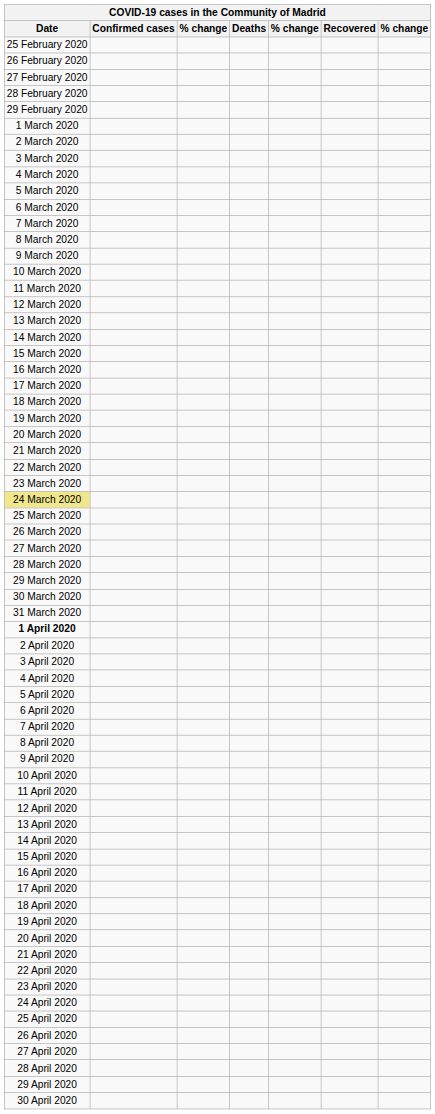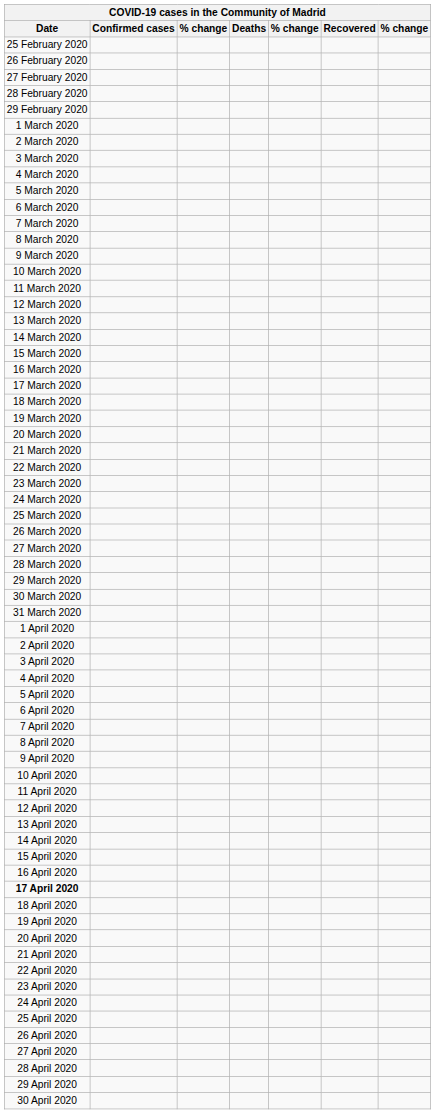 <table class="wikitable mw-collapsible">
 <tr>
 <th colspan="7" style="text-align:center">COVID-19 cases in the Community of Madrid</th>
 </tr>
 <tr>
 <th>Date</th>
 <th>Confirmed cases</th>
 <th>% change</th>
 <th>Deaths</th>
 <th>% change</th>
 <th>Recovered</th>
 <th>% change</th>
 </tr>
 <tr>
 <td align = "center">25 February 2020</td>
 <td align = "right"></td>
 <td align = "right"></td>
 <td align = "right"></td>
 <td align = "right"></td>
 <td align = "right"></td>
 <td align = "right"></td>
 </tr>
 <tr>
 <td align = "center">26 February 2020</td>
 <td align = "right"></td>
 <td align = "right"></td>
 <td align = "right"></td>
 <td align = "right"></td>
 <td align = "right"></td>
 <td align = "right"></td>
 </tr>
 <tr>
 <td align = "center">27 February 2020</td>
 <td align = "right"></td>
 <td align = "right"></td>
 <td align = "right"></td>
 <td align = "right"></td>
 <td align = "right"></td>
 <td align = "right"></td>
 </tr>
 <tr>
 <td align = "center">28 February 2020</td>
 <td align = "right"></td>
 <td align = "right"></td>
 <td align = "right"></td>
 <td align = "right"></td>
 <td align = "right"></td>
 <td align = "right"></td>
 </tr>
 <tr>
 <td align = "center">29 February 2020</td>
 <td align = "right"></td>
 <td align = "right"></td>
 <td align = "right"></td>
 <td align = "right"></td>
 <td align = "right"></td>
 <td align = "right"></td>
 </tr>
 <tr>
 <td align = "center">1 March 2020</td>
 <td align = "right"></td>
 <td align = "right"></td>
 <td align = "right"></td>
 <td align = "right"></td>
 <td align = "right"></td>
 <td align = "right"></td>
 </tr>
 <tr>
 <td align = "center">2 March 2020</td>
 <td align = "right"></td>
 <td align = "right"></td>
 <td align = "right"></td>
 <td align = "right"></td>
 <td align = "right"></td>
 <td align = "right"></td>
 </tr>
 <tr>
 <td align = "center">3 March 2020</td>
 <td align = "right"></td>
 <td align = "right"></td>
 <td align = "right"></td>
 <td align = "right"></td>
 <td align = "right"></td>
 <td align = "right"></td>
 </tr>
 <tr>
 <td align = "center">4 March 2020</td>
 <td align = "right"></td>
 <td align = "right"></td>
 <td align = "right"></td>
 <td align = "right"></td>
 <td align = "right"></td>
 <td align = "right"></td>
 </tr>
 <tr>
 <td align = "center">5 March 2020</td>
 <td align = "right"></td>
 <td align = "right"></td>
 <td align = "right"></td>
 <td align = "right"></td>
 <td align = "right"></td>
 <td align = "right"></td>
 </tr>
 <tr>
 <td align = "center">6 March 2020</td>
 <td align = "right"></td>
 <td align = "right"></td>
 <td align = "right"></td>
 <td align = "right"></td>
 <td align = "right"></td>
 <td align = "right"></td>
 </tr>
 <tr>
 <td align = "center">7 March 2020</td>
 <td align = "right"></td>
 <td align = "right"></td>
 <td align = "right"></td>
 <td align = "right"></td>
 <td align = "right"></td>
 <td align = "right"></td>
 </tr>
 <tr>
 <td align = "center">8 March 2020</td>
 <td align = "right"></td>
 <td align = "right"></td>
 <td align = "right"></td>
 <td align = "right"></td>
 <td align = "right"></td>
 <td align = "right"></td>
 </tr>
 <tr>
 <td align = "center">9 March 2020</td>
 <td align = "right"></td>
 <td align = "right"></td>
 <td align = "right"></td>
 <td align = "right"></td>
 <td align = "right"></td>
 <td align = "right"></td>
 </tr>
 <tr>
 <td align = "center">10 March 2020</td>
 <td align = "right"></td>
 <td align = "right"></td>
 <td align = "right"></td>
 <td align = "right"></td>
 <td align = "right"></td>
 <td align = "right"></td>
 </tr>
 <tr>
 <td align = "center">11 March 2020</td>
 <td align = "right"></td>
 <td align = "right"></td>
 <td align = "right"></td>
 <td align = "right"></td>
 <td align = "right"></td>
 <td align = "right"></td>
 </tr>
 <tr>
 <td align = "center">12 March 2020</td>
 <td align = "right"></td>
 <td align = "right"></td>
 <td align = "right"></td>
 <td align = "right"></td>
 <td align = "right"></td>
 <td align = "right"></td>
 </tr>
 <tr>
 <td align = "center">13 March 2020</td>
 <td align = "right"></td>
 <td align = "right"></td>
 <td align = "right"></td>
 <td align = "right"></td>
 <td align = "right"></td>
 <td align = "right"></td>
 </tr>
 <tr>
 <td align = "center">14 March 2020</td>
 <td align = "right"></td>
 <td align = "right"></td>
 <td align = "right"></td>
 <td align = "right"></td>
 <td align = "right"></td>
 <td align = "right"></td>
 </tr>
 <tr>
 <td align = "center">15 March 2020</td>
 <td align = "right"></td>
 <td align = "right"></td>
 <td align = "right"></td>
 <td align = "right"></td>
 <td align = "right"></td>
 <td align = "right"></td>
 </tr>
 <tr>
 <td align = "center">16 March 2020</td>
 <td align = "right"></td>
 <td align = "right"></td>
 <td align = "right"></td>
 <td align = "right"></td>
 <td align = "right"></td>
 <td align = "right"></td>
 </tr>
 <tr>
 <td align = "center">17 March 2020</td>
 <td align = "right"></td>
 <td align = "right"></td>
 <td align = "right"></td>
 <td align = "right"></td>
 <td align = "right"></td>
 <td align = "right"></td>
 </tr>
 <tr>
 <td align = "center">18 March 2020</td>
 <td align = "right"></td>
 <td align = "right"></td>
 <td align = "right"></td>
 <td align = "right"></td>
 <td align = "right"></td>
 <td align = "right"></td>
 </tr>
 <tr>
 <td align = "center">19 March 2020</td>
 <td align = "right"></td>
 <td align = "right"></td>
 <td align = "right"></td>
 <td align = "right"></td>
 <td align = "right"></td>
 <td align = "right"></td>
 </tr>
 <tr>
 <td align = "center">20 March 2020</td>
 <td align = "right"></td>
 <td align = "right"></td>
 <td align = "right"></td>
 <td align = "right"></td>
 <td align = "right"></td>
 <td align = "right"></td>
 </tr>
 <tr>
 <td align = "center">21 March 2020</td>
 <td align = "right"></td>
 <td align = "right"></td>
 <td align = "right"></td>
 <td align = "right"></td>
 <td align = "right"></td>
 <td align = "right"></td>
 </tr>
 <tr>
 <td align = "center">22 March 2020</td>
 <td align = "right"></td>
 <td align = "right"></td>
 <td align = "right"></td>
 <td align = "right"></td>
 <td align = "right"></td>
 <td align = "right"></td>
 </tr>
 <tr>
 <td align = "center">23 March 2020</td>
 <td align = "right"></td>
 <td align = "right"></td>
 <td align = "right"></td>
 <td align = "right"></td>
 <td align = "right"></td>
 <td align = "right"></td>
 </tr>
 <tr>
-<td align = "center" style="background: khaki;">24 March 2020</td>
+<td align = "center">24 March 2020</td>
 <td align = "right"></td>
 <td align = "right"></td>
 <td align = "right"></td>
 <td align = "right"></td>
 <td align = "right"></td>
 <td align = "right"></td>
 </tr>
 <tr>
 <td align = "center">25 March 2020</td>
 <td align = "right"></td>
 <td align = "right"></td>
 <td align = "right"></td>
 <td align = "right"></td>
 <td align = "right"></td>
 <td align = "right"></td>
 </tr>
 <tr>
 <td align = "center">26 March 2020</td>
 <td align = "right"></td>
 <td align = "right"></td>
 <td align = "right"></td>
 <td align = "right"></td>
 <td align = "right"></td>
 <td align = "right"></td>
 </tr>
 <tr>
 <td align = "center">27 March 2020</td>
 <td align = "right"></td>
 <td align = "right"></td>
 <td align = "right"></td>
 <td align = "right"></td>
 <td align = "right"></td>
 <td align = "right"></td>
 </tr>
 <tr>
 <td align = "center">28 March 2020</td>
 <td align = "right"></td>
 <td align = "right"></td>
 <td align = "right"></td>
 <td align = "right"></td>
 <td align = "right"></td>
 <td align = "right"></td>
 </tr>
 <tr>
 <td align = "center">29 March 2020</td>
 <td align = "right"></td>
 <td align = "right"></td>
 <td align = "right"></td>
 <td align = "right"></td>
 <td align = "right"></td>
 <td align = "right"></td>
 </tr>
 <tr>
 <td align = "center">30 March 2020</td>
 <td align = "right"></td>
 <td align = "right"></td>
 <td align = "right"></td>
 <td align = "right"></td>
 <td align = "right"></td>
 <td align = "right"></td>
 </tr>
 <tr>
 <td align = "center">31 March 2020</td>
 <td align = "right"></td>
 <td align = "right"></td>
 <td align = "right"></td>
 <td align = "right"></td>
 <td align = "right"></td>
 <td align = "right"></td>
 </tr>
 <tr>
-<td align = "center"><strong>1 April 2020</strong></td>
+<td align = "center">1 April 2020</td>
 <td align = "right"></td>
 <td align = "right"></td>
 <td align = "right"></td>
 <td align = "right"></td>
 <td align = "right"></td>
 <td align = "right"></td>
 </tr>
 <tr>
 <td align = "center">2 April 2020</td>
 <td align = "right"></td>
 <td align = "right"></td>
 <td align = "right"></td>
 <td align = "right"></td>
 <td align = "right"></td>
 <td align = "right"></td>
 </tr>
 <tr>
 <td align = "center">3 April 2020</td>
 <td align = "right"></td>
 <td align = "right"></td>
 <td align = "right"></td>
 <td align = "right"></td>
 <td align = "right"></td>
 <td align = "right"></td>
 </tr>
 <tr>
 <td align = "center">4 April 2020</td>
 <td align = "right"></td>
 <td align = "right"></td>
 <td align = "right"></td>
 <td align = "right"></td>
 <td align = "right"></td>
 <td align = "right"></td>
 </tr>
 <tr>
 <td align = "center">5 April 2020</td>
 <td align = "right"></td>
 <td align = "right"></td>
 <td align = "right"></td>
 <td align = "right"></td>
 <td align = "right"></td>
 <td align = "right"></td>
 </tr>
 <tr>
 <td align = "center">6 April 2020</td>
 <td align = "right"></td>
 <td align = "right"></td>
 <td align = "right"></td>
 <td align = "right"></td>
 <td align = "right"></td>
 <td align = "right"></td>
 </tr>
 <tr>
 <td align = "center">7 April 2020</td>
 <td align = "right"></td>
 <td align = "right"></td>
 <td align = "right"></td>
 <td align = "right"></td>
 <td align = "right"></td>
 <td align = "right"></td>
 </tr>
 <tr>
 <td align = "center">8 April 2020</td>
 <td align = "right"></td>
 <td align = "right"></td>
 <td align = "right"></td>
 <td align = "right"></td>
 <td align = "right"></td>
 <td align = "right"></td>
 </tr>
 <tr>
 <td align = "center">9 April 2020</td>
 <td align = "right"></td>
 <td align = "right"></td>
 <td align = "right"></td>
 <td align = "right"></td>
 <td align = "right"></td>
 <td align = "right"></td>
 </tr>
 <tr>
 <td align = "center">10 April 2020</td>
 <td align = "right"></td>
 <td align = "right"></td>
 <td align = "right"></td>
 <td align = "right"></td>
 <td align = "right"></td>
 <td align = "right"></td>
 </tr>
 <tr>
 <td align = "center">11 April 2020</td>
 <td align = "right"></td>
 <td align = "right"></td>
 <td align = "right"></td>
 <td align = "right"></td>
 <td align = "right"></td>
 <td align = "right"></td>
 </tr>
 <tr>
 <td align = "center">12 April 2020</td>
 <td align = "right"></td>
 <td align = "right"></td>
 <td align = "right"></td>
 <td align = "right"></td>
 <td align = "right"></td>
 <td align = "right"></td>
 </tr>
 <tr>
 <td align = "center">13 April 2020</td>
 <td align = "right"></td>
 <td align = "right"></td>
 <td align = "right"></td>
 <td align = "right"></td>
 <td align = "right"></td>
 <td align = "right"></td>
 </tr>
 <tr>
 <td align = "center">14 April 2020</td>
 <td align = "right"></td>
 <td align = "right"></td>
 <td align = "right"></td>
 <td align = "right"></td>
 <td align = "right"></td>
 <td align = "right"></td>
 </tr>
 <tr>
 <td align = "center">15 April 2020</td>
 <td align = "right"></td>
 <td align = "right"></td>
 <td align = "right"></td>
 <td align = "right"></td>
 <td align = "right"></td>
 <td align = "right"></td>
 </tr>
 <tr>
 <td align = "center">16 April 2020</td>
 <td align = "right"></td>
 <td align = "right"></td>
 <td align = "right"></td>
 <td align = "right"></td>
 <td align = "right"></td>
 <td align = "right"></td>
 </tr>
 <tr>
-<td align = "center">17 April 2020</td>
+<td align = "center"><strong>17 April 2020</strong></td>
 <td align = "right"></td>
 <td align = "right"></td>
 <td align = "right"></td>
 <td align = "right"></td>
 <td align = "right"></td>
 <td align = "right"></td>
 </tr>
 <tr>
 <td align = "center">18 April 2020</td>
 <td align = "right"></td>
 <td align = "right"></td>
 <td align = "right"></td>
 <td align = "right"></td>
 <td align = "right"></td>
 <td align = "right"></td>
 </tr>
 <tr>
 <td align = "center">19 April 2020</td>
 <td align = "right"></td>
 <td align = "right"></td>
 <td align = "right"></td>
 <td align = "right"></td>
 <td align = "right"></td>
 <td align = "right"></td>
 </tr>
 <tr>
 <td align = "center">20 April 2020</td>
 <td align = "right"></td>
 <td align = "right"></td>
 <td align = "right"></td>
 <td align = "right"></td>
 <td align = "right"></td>
 <td align = "right"></td>
 </tr>
 <tr>
 <td align = "center">21 April 2020</td>
 <td align = "right"></td>
 <td align = "right"></td>
 <td align = "right"></td>
 <td align = "right"></td>
 <td align = "right"></td>
 <td align = "right"></td>
 </tr>
 <tr>
 <td align = "center">22 April 2020</td>
 <td align = "right"></td>
 <td align = "right"></td>
 <td align = "right"></td>
 <td align = "right"></td>
 <td align = "right"></td>
 <td align = "right"></td>
 </tr>
 <tr>
 <td align = "center">23 April 2020</td>
 <td align = "right"></td>
 <td align = "right"></td>
 <td align = "right"></td>
 <td align = "right"></td>
 <td align = "right"></td>
 <td align = "right"></td>
 </tr>
 <tr>
 <td align = "center">24 April 2020</td>
 <td align = "right"></td>
 <td align = "right"></td>
 <td align = "right"></td>
 <td align = "right"></td>
 <td align = "right"></td>
 <td align = "right"></td>
 </tr>
 <tr>
 <td align = "center">25 April 2020</td>
 <td align = "right"></td>
 <td align = "right"></td>
 <td align = "right"></td>
 <td align = "right"></td>
 <td align = "right"></td>
 <td align = "right"></td>
 </tr>
 <tr>
 <td align = "center">26 April 2020</td>
 <td align = "right"></td>
 <td align = "right"></td>
 <td align = "right"></td>
 <td align = "right"></td>
 <td align = "right"></td>
 <td align = "right"></td>
 </tr>
 <tr>
 <td align = "center">27 April 2020</td>
 <td align = "right"></td>
 <td align = "right"></td>
 <td align = "right"></td>
 <td align = "right"></td>
 <td align = "right"></td>
 <td align = "right"></td>
 </tr>
 <tr>
 <td align = "center">28 April 2020</td>
 <td align = "right"></td>
 <td align = "right"></td>
 <td align = "right"></td>
 <td align = "right"></td>
 <td align = "right"></td>
 <td align = "right"></td>
 </tr>
 <tr>
 <td align = "center">29 April 2020</td>
 <td align = "right"></td>
 <td align = "right"></td>
 <td align = "right"></td>
 <td align = "right"></td>
 <td align = "right"></td>
 <td align = "right"></td>
 </tr>
 <tr>
 <td align = "center">30 April 2020</td>
 <td align = "right"></td>
 <td align = "right"></td>
 <td align = "right"></td>
 <td align = "right"></td>
 <td align = "right"></td>
 <td align = "right"></td>
 </tr>
 </table>
